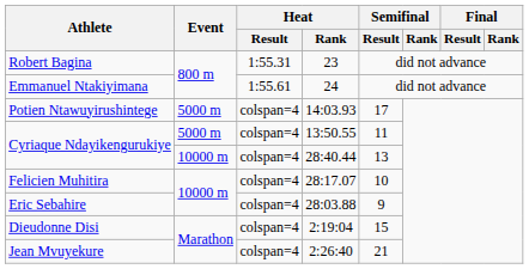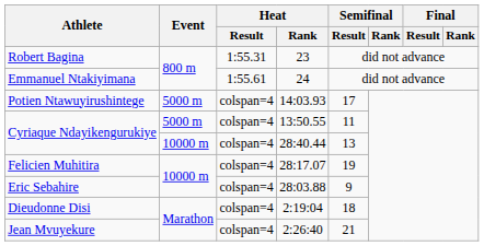 <table class="wikitable" style="font-size:90%">
 <tr>
 <th rowspan=2>Athlete</th>
 <th rowspan=2>Event</th>
 <th colspan=2>Heat</th>
 <th colspan=2>Semifinal</th>
 <th colspan=2>Final</th>
 </tr>
 <tr style="font-size:95%">
 <th>Result</th>
 <th>Rank</th>
 <th>Result</th>
 <th>Rank</th>
 <th>Result</th>
 <th>Rank</th>
 </tr>
 <tr align=center>
 <td align=left><a href='#'>Robert Bagina</a></td>
 <td align=left rowspan=2><a href='#'>800 m</a></td>
 <td>1:55.31</td>
 <td>23</td>
 <td colspan=4>did not advance</td>
 </tr>
 <tr align=center>
 <td align=left><a href='#'>Emmanuel Ntakiyimana</a></td>
 <td>1:55.61</td>
 <td>24</td>
 <td colspan=4>did not advance</td>
 </tr>
 <tr align=center>
 <td align=left><a href='#'>Potien Ntawuyirushintege</a></td>
 <td align=left><a href='#'>5000 m</a></td>
 <td>colspan=4 </td>
 <td>14:03.93</td>
 <td>17</td>
 </tr>
 <tr align=center>
 <td align=left rowspan=2><a href='#'>Cyriaque Ndayikengurukiye</a></td>
 <td align=left><a href='#'>5000 m</a></td>
 <td>colspan=4 </td>
 <td>13:50.55</td>
 <td>11</td>
 </tr>
 <tr align=center>
 <td align=left><a href='#'>10000 m</a></td>
 <td>colspan=4 </td>
 <td>28:40.44</td>
 <td>13</td>
 </tr>
 <tr align=center>
 <td align=left><a href='#'>Felicien Muhitira</a></td>
 <td align=left rowspan=2><a href='#'>10000 m</a></td>
 <td>colspan=4 </td>
 <td>28:17.07</td>
-<td>10</td>
+<td>19</td>
 </tr>
 <tr align=center>
 <td align=left><a href='#'>Eric Sebahire</a></td>
 <td>colspan=4 </td>
 <td>28:03.88</td>
 <td>9</td>
 </tr>
 <tr align=center>
 <td align=left><a href='#'>Dieudonne Disi</a></td>
 <td align=left rowspan=2><a href='#'>Marathon</a></td>
 <td>colspan=4 </td>
 <td>2:19:04</td>
-<td>15</td>
+<td>18</td>
 </tr>
 <tr align=center>
 <td align=left><a href='#'>Jean Mvuyekure</a></td>
 <td>colspan=4 </td>
 <td>2:26:40</td>
 <td>21</td>
 </tr>
 </table>
